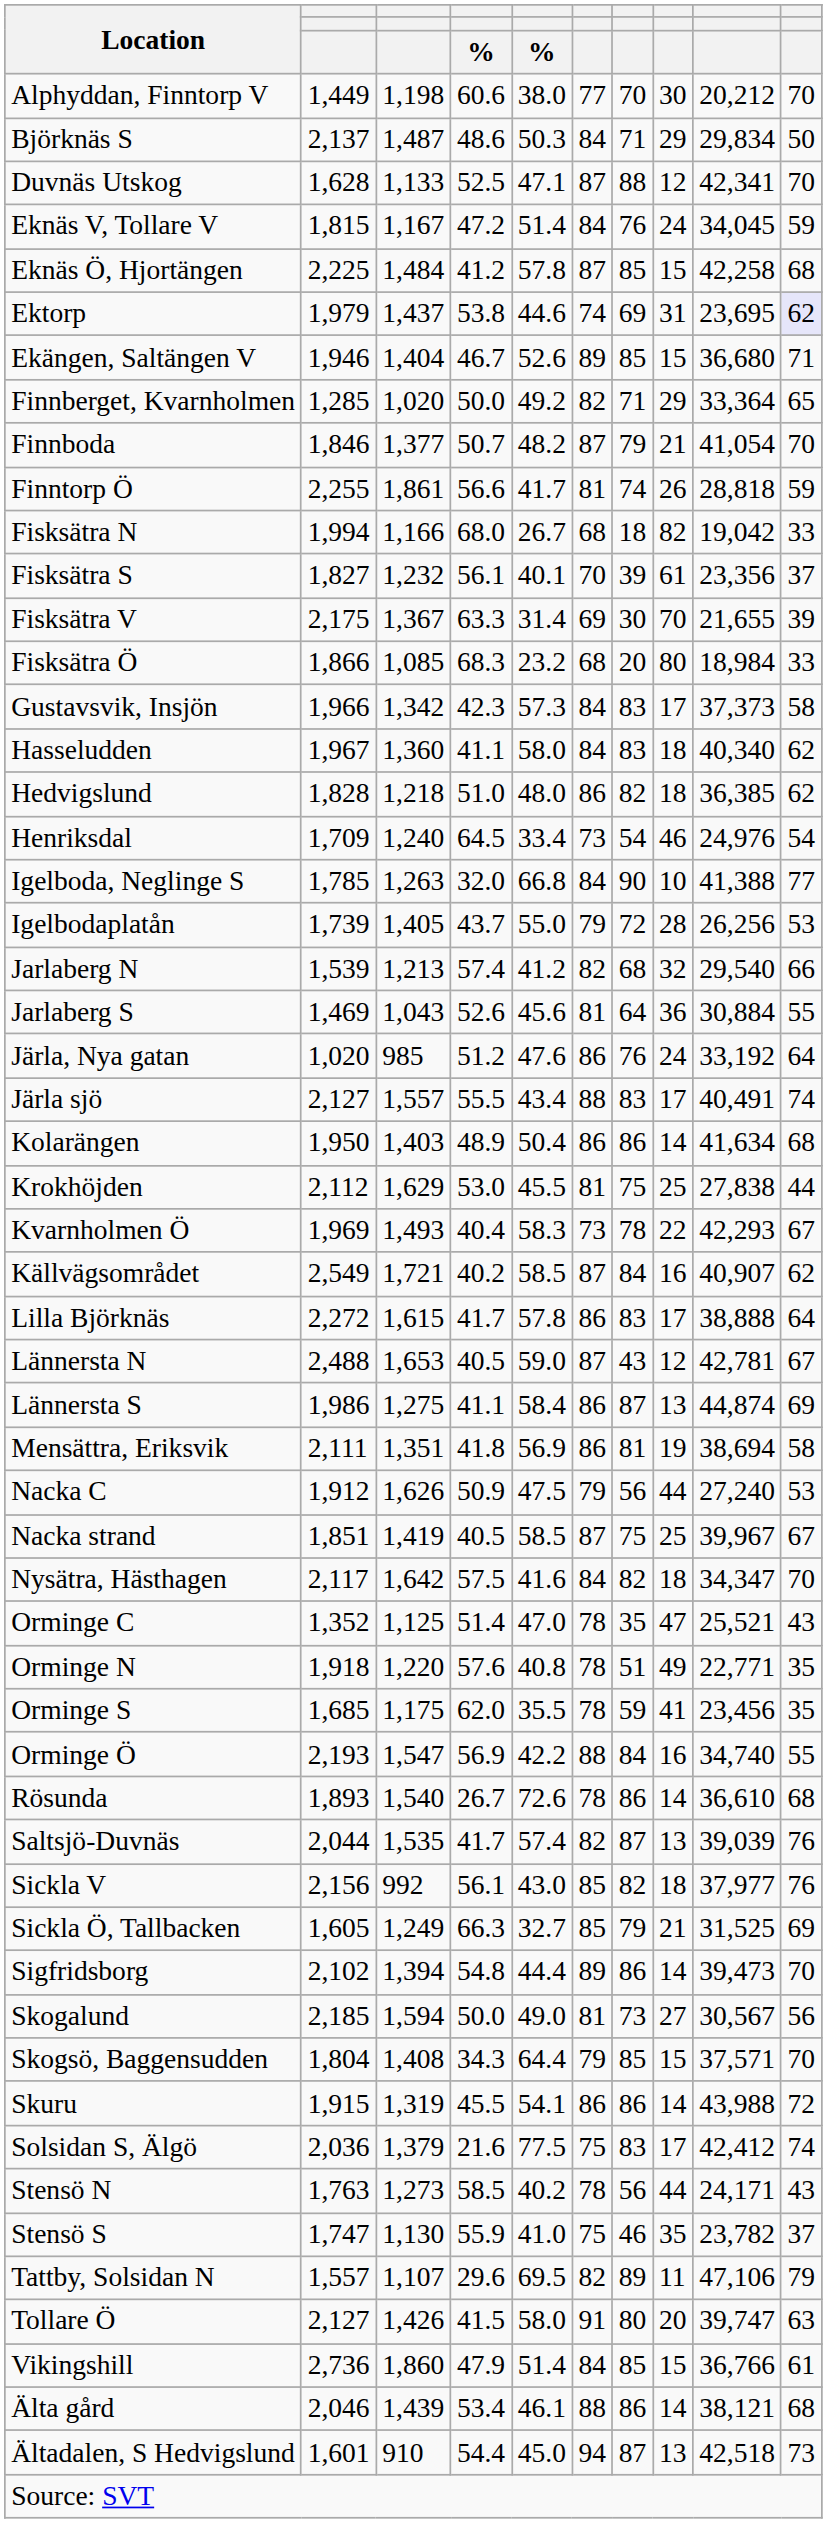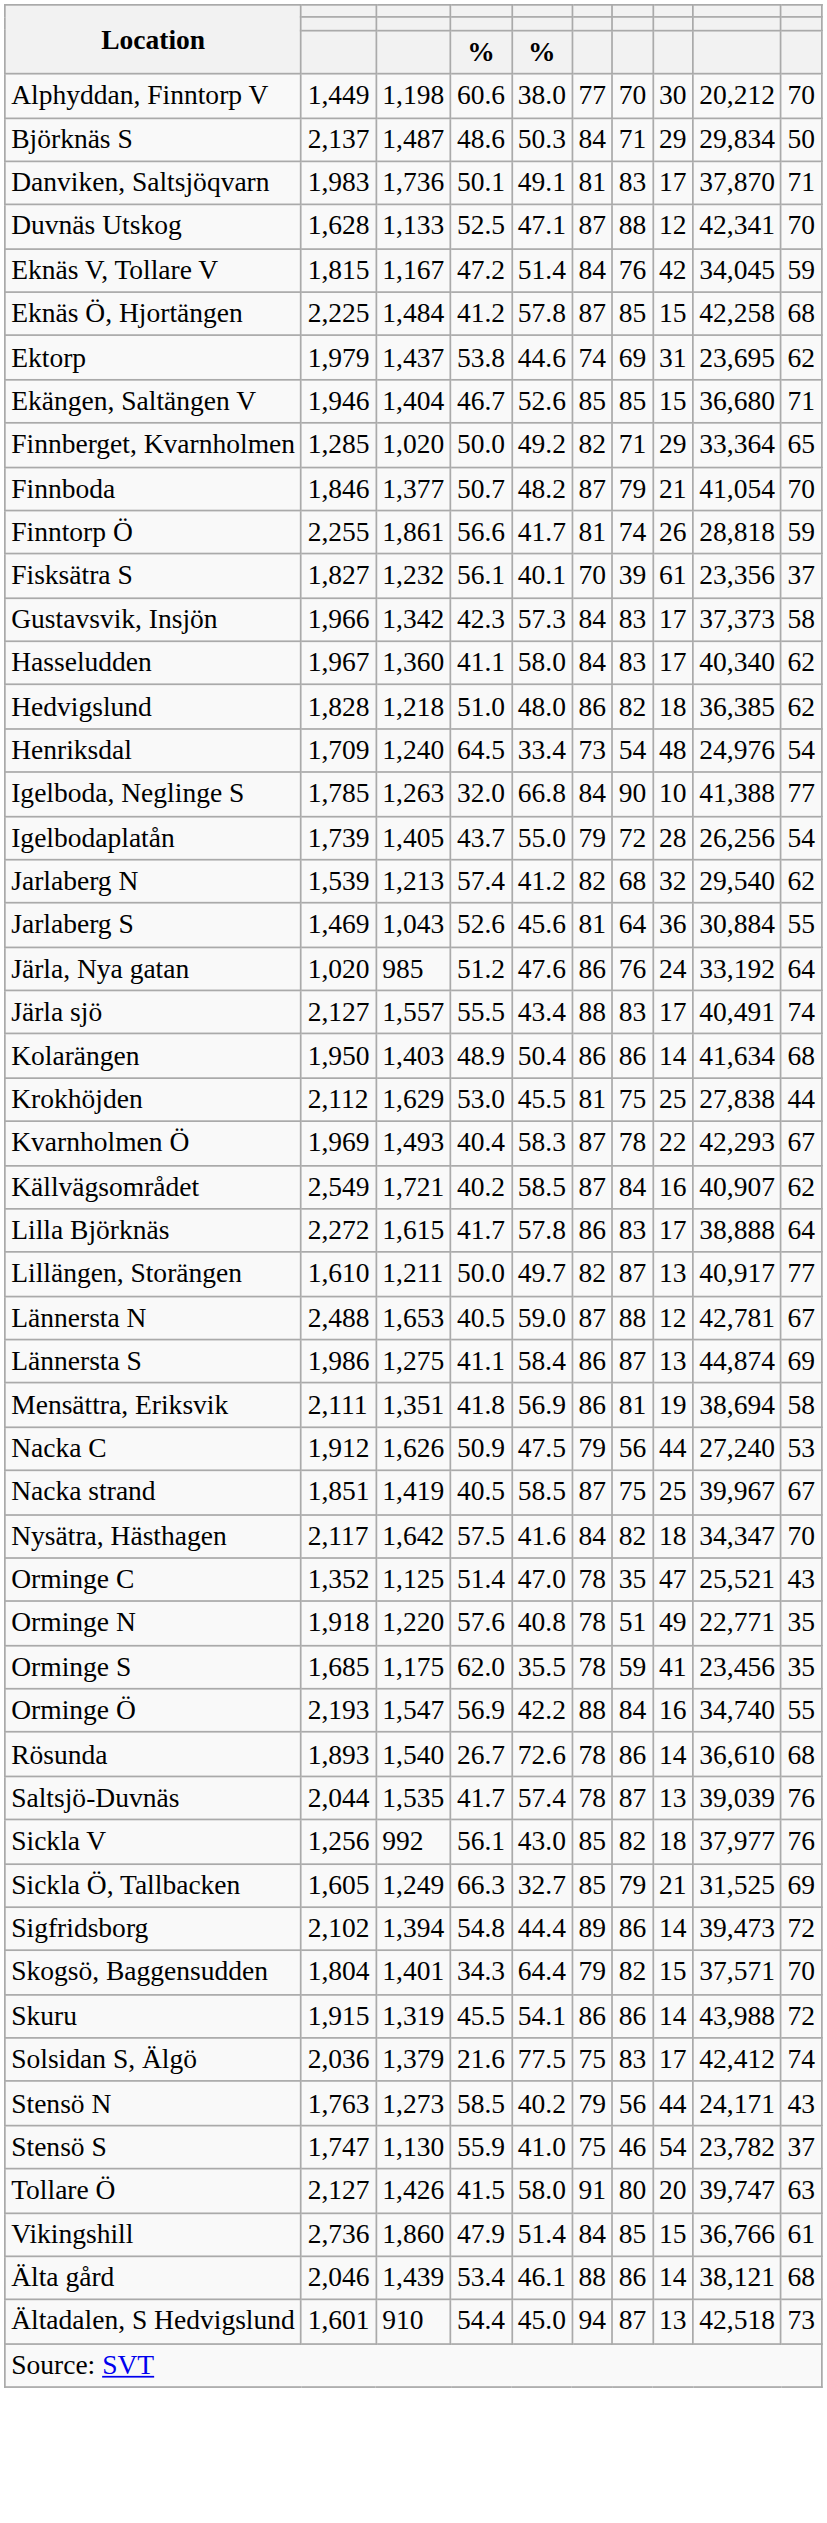 <table role="presentation" class="wikitable sortable mw-collapsible mw-collapsed">
 <tr>
 <th rowspan="3">Location</th>
 <th></th>
 <th></th>
 <th></th>
 <th></th>
 <th></th>
 <th></th>
 <th></th>
 <th></th>
 <th></th>
 </tr>
 <tr>
 <th></th>
 <th></th>
 <th style="background:"></th>
 <th style="background:"></th>
 <th></th>
 <th></th>
 <th></th>
 <th></th>
 <th></th>
 </tr>
 <tr>
 <th data-sort-type="number"></th>
 <th data-sort-type="number"></th>
 <th data-sort-type="number">%</th>
 <th data-sort-type="number">%</th>
 <th data-sort-type="number"></th>
 <th data-sort-type="number"></th>
 <th data-sort-type="number"></th>
 <th data-sort-type="number"></th>
 <th data-sort-type="number"></th>
 </tr>
 <tr>
 <td align="left">Alphyddan, Finntorp V</td>
 <td>1,449</td>
 <td>1,198</td>
 <td>60.6</td>
 <td>38.0</td>
 <td>77</td>
 <td>70</td>
 <td>30</td>
 <td>20,212</td>
 <td>70</td>
 </tr>
 <tr>
 <td align="left">Björknäs S</td>
 <td>2,137</td>
 <td>1,487</td>
 <td>48.6</td>
 <td>50.3</td>
 <td>84</td>
 <td>71</td>
 <td>29</td>
 <td>29,834</td>
 <td>50</td>
 </tr>
 <tr>
+<td align="left">Danviken, Saltsjöqvarn</td>
+<td>1,983</td>
+<td>1,736</td>
+<td>50.1</td>
+<td>49.1</td>
+<td>81</td>
+<td>83</td>
+<td>17</td>
+<td>37,870</td>
+<td>71</td>
+</tr>
+<tr>
 <td align="left">Duvnäs Utskog</td>
 <td>1,628</td>
 <td>1,133</td>
 <td>52.5</td>
 <td>47.1</td>
 <td>87</td>
 <td>88</td>
 <td>12</td>
 <td>42,341</td>
 <td>70</td>
 </tr>
 <tr>
 <td align="left">Eknäs V, Tollare V</td>
 <td>1,815</td>
 <td>1,167</td>
 <td>47.2</td>
 <td>51.4</td>
 <td>84</td>
 <td>76</td>
-<td>24</td>
+<td>42</td>
 <td>34,045</td>
 <td>59</td>
 </tr>
 <tr>
 <td align="left">Eknäs Ö, Hjortängen</td>
 <td>2,225</td>
 <td>1,484</td>
 <td>41.2</td>
 <td>57.8</td>
 <td>87</td>
 <td>85</td>
 <td>15</td>
 <td>42,258</td>
 <td>68</td>
 </tr>
 <tr>
 <td align="left">Ektorp</td>
 <td>1,979</td>
 <td>1,437</td>
 <td>53.8</td>
 <td>44.6</td>
 <td>74</td>
 <td>69</td>
 <td>31</td>
 <td>23,695</td>
-<td style="background: lavender;">62</td>
+<td>62</td>
 </tr>
 <tr>
 <td align="left">Ekängen, Saltängen V</td>
 <td>1,946</td>
 <td>1,404</td>
 <td>46.7</td>
 <td>52.6</td>
-<td>89</td>
+<td>85</td>
 <td>85</td>
 <td>15</td>
 <td>36,680</td>
 <td>71</td>
 </tr>
 <tr>
 <td align="left">Finnberget, Kvarnholmen</td>
 <td>1,285</td>
 <td>1,020</td>
 <td>50.0</td>
 <td>49.2</td>
 <td>82</td>
 <td>71</td>
 <td>29</td>
 <td>33,364</td>
 <td>65</td>
 </tr>
 <tr>
 <td align="left">Finnboda</td>
 <td>1,846</td>
 <td>1,377</td>
 <td>50.7</td>
 <td>48.2</td>
 <td>87</td>
 <td>79</td>
 <td>21</td>
 <td>41,054</td>
 <td>70</td>
 </tr>
 <tr>
 <td align="left">Finntorp Ö</td>
 <td>2,255</td>
 <td>1,861</td>
 <td>56.6</td>
 <td>41.7</td>
 <td>81</td>
 <td>74</td>
 <td>26</td>
 <td>28,818</td>
 <td>59</td>
 </tr>
 <tr>
-<td align="left">Fisksätra N</td>
-<td>1,994</td>
-<td>1,166</td>
-<td>68.0</td>
-<td>26.7</td>
-<td>68</td>
-<td>18</td>
-<td>82</td>
-<td>19,042</td>
-<td>33</td>
-</tr>
-<tr>
 <td align="left">Fisksätra S</td>
 <td>1,827</td>
 <td>1,232</td>
 <td>56.1</td>
 <td>40.1</td>
 <td>70</td>
 <td>39</td>
 <td>61</td>
 <td>23,356</td>
 <td>37</td>
-</tr>
-<tr>
-<td align="left">Fisksätra V</td>
-<td>2,175</td>
-<td>1,367</td>
-<td>63.3</td>
-<td>31.4</td>
-<td>69</td>
-<td>30</td>
-<td>70</td>
-<td>21,655</td>
-<td>39</td>
-</tr>
-<tr>
-<td align="left">Fisksätra Ö</td>
-<td>1,866</td>
-<td>1,085</td>
-<td>68.3</td>
-<td>23.2</td>
-<td>68</td>
-<td>20</td>
-<td>80</td>
-<td>18,984</td>
-<td>33</td>
 </tr>
 <tr>
 <td align="left">Gustavsvik, Insjön</td>
 <td>1,966</td>
 <td>1,342</td>
 <td>42.3</td>
 <td>57.3</td>
 <td>84</td>
 <td>83</td>
 <td>17</td>
 <td>37,373</td>
 <td>58</td>
 </tr>
 <tr>
 <td align="left">Hasseludden</td>
 <td>1,967</td>
 <td>1,360</td>
 <td>41.1</td>
 <td>58.0</td>
 <td>84</td>
 <td>83</td>
-<td>18</td>
+<td>17</td>
 <td>40,340</td>
 <td>62</td>
 </tr>
 <tr>
 <td align="left">Hedvigslund</td>
 <td>1,828</td>
 <td>1,218</td>
 <td>51.0</td>
 <td>48.0</td>
 <td>86</td>
 <td>82</td>
 <td>18</td>
 <td>36,385</td>
 <td>62</td>
 </tr>
 <tr>
 <td align="left">Henriksdal</td>
 <td>1,709</td>
 <td>1,240</td>
 <td>64.5</td>
 <td>33.4</td>
 <td>73</td>
 <td>54</td>
-<td>46</td>
+<td>48</td>
 <td>24,976</td>
 <td>54</td>
 </tr>
 <tr>
 <td align="left">Igelboda, Neglinge S</td>
 <td>1,785</td>
 <td>1,263</td>
 <td>32.0</td>
 <td>66.8</td>
 <td>84</td>
 <td>90</td>
 <td>10</td>
 <td>41,388</td>
 <td>77</td>
 </tr>
 <tr>
 <td align="left">Igelbodaplatån</td>
 <td>1,739</td>
 <td>1,405</td>
 <td>43.7</td>
 <td>55.0</td>
 <td>79</td>
 <td>72</td>
 <td>28</td>
 <td>26,256</td>
-<td>53</td>
+<td>54</td>
 </tr>
 <tr>
 <td align="left">Jarlaberg N</td>
 <td>1,539</td>
 <td>1,213</td>
 <td>57.4</td>
 <td>41.2</td>
 <td>82</td>
 <td>68</td>
 <td>32</td>
 <td>29,540</td>
-<td>66</td>
+<td>62</td>
 </tr>
 <tr>
 <td align="left">Jarlaberg S</td>
 <td>1,469</td>
 <td>1,043</td>
 <td>52.6</td>
 <td>45.6</td>
 <td>81</td>
 <td>64</td>
 <td>36</td>
 <td>30,884</td>
 <td>55</td>
 </tr>
 <tr>
 <td align="left">Järla, Nya gatan</td>
 <td>1,020</td>
 <td>985</td>
 <td>51.2</td>
 <td>47.6</td>
 <td>86</td>
 <td>76</td>
 <td>24</td>
 <td>33,192</td>
 <td>64</td>
 </tr>
 <tr>
 <td align="left">Järla sjö</td>
 <td>2,127</td>
 <td>1,557</td>
 <td>55.5</td>
 <td>43.4</td>
 <td>88</td>
 <td>83</td>
 <td>17</td>
 <td>40,491</td>
 <td>74</td>
 </tr>
 <tr>
 <td align="left">Kolarängen</td>
 <td>1,950</td>
 <td>1,403</td>
 <td>48.9</td>
 <td>50.4</td>
 <td>86</td>
 <td>86</td>
 <td>14</td>
 <td>41,634</td>
 <td>68</td>
 </tr>
 <tr>
 <td align="left">Krokhöjden</td>
 <td>2,112</td>
 <td>1,629</td>
 <td>53.0</td>
 <td>45.5</td>
 <td>81</td>
 <td>75</td>
 <td>25</td>
 <td>27,838</td>
 <td>44</td>
 </tr>
 <tr>
 <td align="left">Kvarnholmen Ö</td>
 <td>1,969</td>
 <td>1,493</td>
 <td>40.4</td>
 <td>58.3</td>
-<td>73</td>
+<td>87</td>
 <td>78</td>
 <td>22</td>
 <td>42,293</td>
 <td>67</td>
 </tr>
 <tr>
 <td align="left">Källvägsområdet</td>
 <td>2,549</td>
 <td>1,721</td>
 <td>40.2</td>
 <td>58.5</td>
 <td>87</td>
 <td>84</td>
 <td>16</td>
 <td>40,907</td>
 <td>62</td>
 </tr>
 <tr>
 <td align="left">Lilla Björknäs</td>
 <td>2,272</td>
 <td>1,615</td>
 <td>41.7</td>
 <td>57.8</td>
 <td>86</td>
 <td>83</td>
 <td>17</td>
 <td>38,888</td>
 <td>64</td>
 </tr>
 <tr>
+<td align="left">Lillängen, Storängen</td>
+<td>1,610</td>
+<td>1,211</td>
+<td>50.0</td>
+<td>49.7</td>
+<td>82</td>
+<td>87</td>
+<td>13</td>
+<td>40,917</td>
+<td>77</td>
+</tr>
+<tr>
 <td align="left">Lännersta N</td>
 <td>2,488</td>
 <td>1,653</td>
 <td>40.5</td>
 <td>59.0</td>
 <td>87</td>
-<td>43</td>
+<td>88</td>
 <td>12</td>
 <td>42,781</td>
 <td>67</td>
 </tr>
 <tr>
 <td align="left">Lännersta S</td>
 <td>1,986</td>
 <td>1,275</td>
 <td>41.1</td>
 <td>58.4</td>
 <td>86</td>
 <td>87</td>
 <td>13</td>
 <td>44,874</td>
 <td>69</td>
 </tr>
 <tr>
 <td align="left">Mensättra, Eriksvik</td>
 <td>2,111</td>
 <td>1,351</td>
 <td>41.8</td>
 <td>56.9</td>
 <td>86</td>
 <td>81</td>
 <td>19</td>
 <td>38,694</td>
 <td>58</td>
 </tr>
 <tr>
 <td align="left">Nacka C</td>
 <td>1,912</td>
 <td>1,626</td>
 <td>50.9</td>
 <td>47.5</td>
 <td>79</td>
 <td>56</td>
 <td>44</td>
 <td>27,240</td>
 <td>53</td>
 </tr>
 <tr>
 <td align="left">Nacka strand</td>
 <td>1,851</td>
 <td>1,419</td>
 <td>40.5</td>
 <td>58.5</td>
 <td>87</td>
 <td>75</td>
 <td>25</td>
 <td>39,967</td>
 <td>67</td>
 </tr>
 <tr>
 <td align="left">Nysätra, Hästhagen</td>
 <td>2,117</td>
 <td>1,642</td>
 <td>57.5</td>
 <td>41.6</td>
 <td>84</td>
 <td>82</td>
 <td>18</td>
 <td>34,347</td>
 <td>70</td>
 </tr>
 <tr>
 <td align="left">Orminge C</td>
 <td>1,352</td>
 <td>1,125</td>
 <td>51.4</td>
 <td>47.0</td>
 <td>78</td>
 <td>35</td>
 <td>47</td>
 <td>25,521</td>
 <td>43</td>
 </tr>
 <tr>
 <td align="left">Orminge N</td>
 <td>1,918</td>
 <td>1,220</td>
 <td>57.6</td>
 <td>40.8</td>
 <td>78</td>
 <td>51</td>
 <td>49</td>
 <td>22,771</td>
 <td>35</td>
 </tr>
 <tr>
 <td align="left">Orminge S</td>
 <td>1,685</td>
 <td>1,175</td>
 <td>62.0</td>
 <td>35.5</td>
 <td>78</td>
 <td>59</td>
 <td>41</td>
 <td>23,456</td>
 <td>35</td>
 </tr>
 <tr>
 <td align="left">Orminge Ö</td>
 <td>2,193</td>
 <td>1,547</td>
 <td>56.9</td>
 <td>42.2</td>
 <td>88</td>
 <td>84</td>
 <td>16</td>
 <td>34,740</td>
 <td>55</td>
 </tr>
 <tr>
 <td align="left">Rösunda</td>
 <td>1,893</td>
 <td>1,540</td>
 <td>26.7</td>
 <td>72.6</td>
 <td>78</td>
 <td>86</td>
 <td>14</td>
 <td>36,610</td>
 <td>68</td>
 </tr>
 <tr>
 <td align="left">Saltsjö-Duvnäs</td>
 <td>2,044</td>
 <td>1,535</td>
 <td>41.7</td>
 <td>57.4</td>
-<td>82</td>
+<td>78</td>
 <td>87</td>
 <td>13</td>
 <td>39,039</td>
 <td>76</td>
 </tr>
 <tr>
 <td align="left">Sickla V</td>
-<td>2,156</td>
+<td>1,256</td>
 <td>992</td>
 <td>56.1</td>
 <td>43.0</td>
 <td>85</td>
 <td>82</td>
 <td>18</td>
 <td>37,977</td>
 <td>76</td>
 </tr>
 <tr>
 <td align="left">Sickla Ö, Tallbacken</td>
 <td>1,605</td>
 <td>1,249</td>
 <td>66.3</td>
 <td>32.7</td>
 <td>85</td>
 <td>79</td>
 <td>21</td>
 <td>31,525</td>
 <td>69</td>
 </tr>
 <tr>
 <td align="left">Sigfridsborg</td>
 <td>2,102</td>
 <td>1,394</td>
 <td>54.8</td>
 <td>44.4</td>
 <td>89</td>
 <td>86</td>
 <td>14</td>
 <td>39,473</td>
-<td>70</td>
-</tr>
-<tr>
-<td align="left">Skogalund</td>
-<td>2,185</td>
-<td>1,594</td>
-<td>50.0</td>
-<td>49.0</td>
-<td>81</td>
-<td>73</td>
-<td>27</td>
-<td>30,567</td>
-<td>56</td>
+<td>72</td>
 </tr>
 <tr>
 <td align="left">Skogsö, Baggensudden</td>
 <td>1,804</td>
-<td>1,408</td>
+<td>1,401</td>
 <td>34.3</td>
 <td>64.4</td>
 <td>79</td>
-<td>85</td>
+<td>82</td>
 <td>15</td>
 <td>37,571</td>
 <td>70</td>
 </tr>
 <tr>
 <td align="left">Skuru</td>
 <td>1,915</td>
 <td>1,319</td>
 <td>45.5</td>
 <td>54.1</td>
 <td>86</td>
 <td>86</td>
 <td>14</td>
 <td>43,988</td>
 <td>72</td>
 </tr>
 <tr>
 <td align="left">Solsidan S, Älgö</td>
 <td>2,036</td>
 <td>1,379</td>
 <td>21.6</td>
 <td>77.5</td>
 <td>75</td>
 <td>83</td>
 <td>17</td>
 <td>42,412</td>
 <td>74</td>
 </tr>
 <tr>
 <td align="left">Stensö N</td>
 <td>1,763</td>
 <td>1,273</td>
 <td>58.5</td>
 <td>40.2</td>
-<td>78</td>
+<td>79</td>
 <td>56</td>
 <td>44</td>
 <td>24,171</td>
 <td>43</td>
 </tr>
 <tr>
 <td align="left">Stensö S</td>
 <td>1,747</td>
 <td>1,130</td>
 <td>55.9</td>
 <td>41.0</td>
 <td>75</td>
 <td>46</td>
-<td>35</td>
+<td>54</td>
 <td>23,782</td>
 <td>37</td>
-</tr>
-<tr>
-<td align="left">Tattby, Solsidan N</td>
-<td>1,557</td>
-<td>1,107</td>
-<td>29.6</td>
-<td>69.5</td>
-<td>82</td>
-<td>89</td>
-<td>11</td>
-<td>47,106</td>
-<td>79</td>
 </tr>
 <tr>
 <td align="left">Tollare Ö</td>
 <td>2,127</td>
 <td>1,426</td>
 <td>41.5</td>
 <td>58.0</td>
 <td>91</td>
 <td>80</td>
 <td>20</td>
 <td>39,747</td>
 <td>63</td>
 </tr>
 <tr>
 <td align="left">Vikingshill</td>
 <td>2,736</td>
 <td>1,860</td>
 <td>47.9</td>
 <td>51.4</td>
 <td>84</td>
 <td>85</td>
 <td>15</td>
 <td>36,766</td>
 <td>61</td>
 </tr>
 <tr>
 <td align="left">Älta gård</td>
 <td>2,046</td>
 <td>1,439</td>
 <td>53.4</td>
 <td>46.1</td>
 <td>88</td>
 <td>86</td>
 <td>14</td>
 <td>38,121</td>
 <td>68</td>
 </tr>
 <tr>
 <td align="left">Ältadalen, S Hedvigslund</td>
 <td>1,601</td>
 <td>910</td>
 <td>54.4</td>
 <td>45.0</td>
 <td>94</td>
 <td>87</td>
 <td>13</td>
 <td>42,518</td>
 <td>73</td>
 </tr>
 <tr>
 <td colspan="10" align="left">Source: <a href='#'>SVT</a></td>
 </tr>
 </table>
